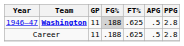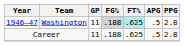 <table class="wikitable sortable" style="font-size:95%; text-align:right;">
 <tr>
 <th>Year</th>
 <th>Team</th>
 <th>GP</th>
 <th>FG%</th>
 <th>FT%</th>
 <th>APG</th>
 <th>PPG</th>
 </tr>
 <tr>
 <td style="text-align:left;"><a href='#'>1946–47</a></td>
-<td style="text-align:left;"><strong><a href='#'>Washington</a></strong></td>
+<td style="text-align:left;"><a href='#'>Washington</a></td>
 <td>11</td>
 <td style="background: lightgrey;">.188</td>
-<td>.625</td>
+<td style="background: paleturquoise;">.625</td>
 <td>.5</td>
 <td>2.8</td>
 </tr>
 <tr>
 <td style="text-align:center;" colspan="2">Career</td>
 <td>11</td>
 <td>.188</td>
 <td>.625</td>
 <td>.5</td>
 <td>2.8</td>
 </tr>
 <tr>
 </tr>
 </table>
